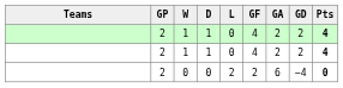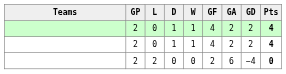 <table style=border-collapse:collapse border=1 cellspacing=0 cellpadding=5>
 <tr align=center bgcolor=#efefef>
 <th width=185>Teams</th>
 <th width=20>GP</th>
+<th width=20>L</th>
+<th width=20>D</th>
 <th width=20>W</th>
-<th width=20>D</th>
-<th width=20>L</th>
 <th width=20>GF</th>
 <th width=20>GA</th>
 <th width=20>GD</th>
 <th width=20>Pts</th>
 </tr>
 <tr align=center style="background:#ccffcc;">
 <td style="text-align:left;"></td>
 <td>2</td>
+<td>0</td>
 <td>1</td>
 <td>1</td>
-<td>0</td>
-<td>4</td>
-<td>2</td>
-<td>2</td>
-<td><strong>4</strong></td>
-</tr>
-<tr align=center>
-<td style="text-align:left;"></td>
-<td>2</td>
-<td>1</td>
-<td>1</td>
-<td>0</td>
 <td>4</td>
 <td>2</td>
 <td>2</td>
 <td><strong>4</strong></td>
 </tr>
 <tr align=center>
 <td style="text-align:left;"></td>
 <td>2</td>
 <td>0</td>
+<td>1</td>
+<td>1</td>
+<td>4</td>
+<td>2</td>
+<td>2</td>
+<td><strong>4</strong></td>
+</tr>
+<tr align=center>
+<td style="text-align:left;"></td>
+<td>2</td>
+<td>2</td>
 <td>0</td>
-<td>2</td>
+<td>0</td>
 <td>2</td>
 <td>6</td>
 <td>−4</td>
 <td><strong>0</strong></td>
 </tr>
 </table>
